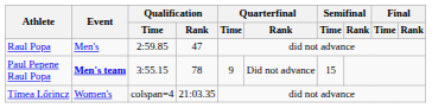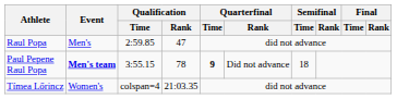 <table class=wikitable style=font-size:90%;text-align:center>
 <tr>
 <th rowspan=2>Athlete</th>
 <th rowspan=2>Event</th>
 <th colspan=2>Qualification</th>
 <th colspan=2>Quarterfinal</th>
 <th colspan=2>Semifinal</th>
 <th colspan=2>Final</th>
 </tr>
 <tr style=font-size:95%>
 <th>Time</th>
 <th>Rank</th>
 <th>Time</th>
 <th>Rank</th>
 <th>Time</th>
 <th>Rank</th>
 <th>Time</th>
 <th>Rank</th>
 </tr>
 <tr>
 <td align=left><a href='#'>Raul Popa</a></td>
 <td align=left><a href='#'>Men's</a></td>
 <td>2:59.85</td>
 <td>47</td>
 <td colspan=6>did not advance</td>
 </tr>
 <tr>
 <td align=left><a href='#'>Paul Pepene</a><br><a href='#'>Raul Popa</a></td>
 <td align=left><strong><a href='#'>Men's team</a></strong></td>
 <td>3:55.15</td>
 <td>78</td>
-<td>9</td>
+<td><strong>9</strong></td>
 <td>Did not advance</td>
-<td>15</td>
+<td>18</td>
 </tr>
 <tr>
 <td align=left><a href='#'>Tímea Lőrincz</a></td>
 <td align=left><a href='#'>Women's</a></td>
 <td>colspan=4 </td>
 <td>21:03.35</td>
 <td colspan=6>did not advance</td>
 </tr>
 </table>
